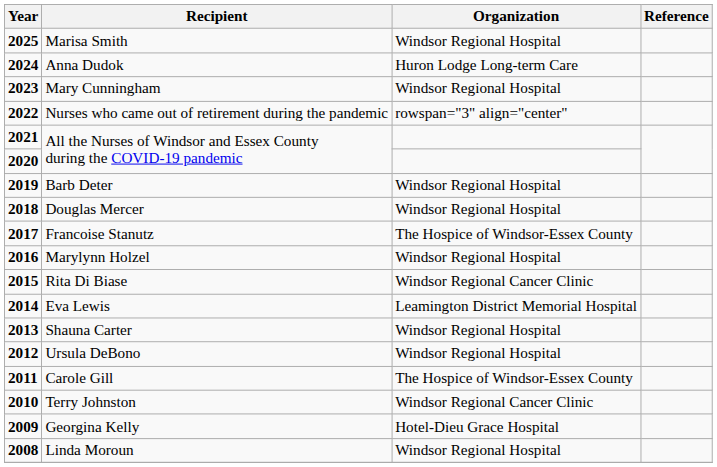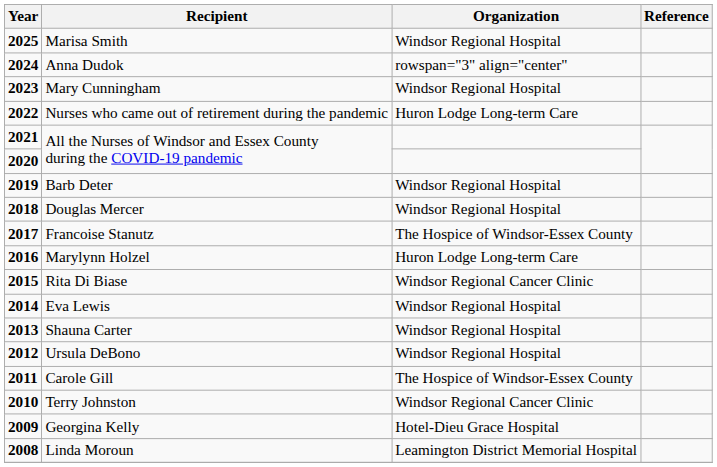 <table class="wikitable">
 <tr>
 <th>Year</th>
 <th>Recipient</th>
 <th>Organization</th>
 <th>Reference</th>
 </tr>
 <tr>
 <td><strong>2025</strong></td>
 <td>Marisa Smith</td>
 <td>Windsor Regional Hospital</td>
 <td align="center"></td>
 </tr>
 <tr>
 <td><strong>2024</strong></td>
 <td>Anna Dudok</td>
-<td>Huron Lodge Long-term Care</td>
+<td>rowspan="3" align="center" </td>
 <td align="center"></td>
 </tr>
 <tr>
 <td><strong>2023</strong></td>
 <td>Mary Cunningham</td>
 <td>Windsor Regional Hospital</td>
 <td align="center"></td>
 </tr>
 <tr>
 <td><strong>2022</strong></td>
 <td>Nurses who came out of retirement during the pandemic</td>
-<td>rowspan="3" align="center" </td>
+<td>Huron Lodge Long-term Care</td>
 <td align="center"></td>
 </tr>
 <tr>
 <td><strong>2021</strong></td>
 <td rowspan="2">All the Nurses of Windsor and Essex County<br>during the <a href='#'>COVID-19 pandemic</a></td>
 <td align="center"></td>
 </tr>
 <tr>
 <td><strong>2020</strong></td>
 <td align="center"></td>
 </tr>
 <tr>
 <td><strong>2019</strong></td>
 <td>Barb Deter</td>
 <td>Windsor Regional Hospital</td>
 <td align="center"></td>
 </tr>
 <tr>
 <td><strong>2018</strong></td>
 <td>Douglas Mercer</td>
 <td>Windsor Regional Hospital</td>
 <td align="center"></td>
 </tr>
 <tr>
 <td><strong>2017</strong></td>
 <td>Francoise Stanutz</td>
 <td>The Hospice of Windsor-Essex County</td>
 <td align="center"></td>
 </tr>
 <tr>
 <td><strong>2016</strong></td>
 <td>Marylynn Holzel</td>
-<td>Windsor Regional Hospital</td>
+<td>Huron Lodge Long-term Care</td>
 <td align="center"></td>
 </tr>
 <tr>
 <td><strong>2015</strong></td>
 <td>Rita Di Biase</td>
 <td>Windsor Regional Cancer Clinic</td>
 <td align="center"></td>
 </tr>
 <tr>
 <td><strong>2014</strong></td>
 <td>Eva Lewis</td>
-<td>Leamington District Memorial Hospital</td>
+<td>Windsor Regional Hospital</td>
 <td align="center"></td>
 </tr>
 <tr>
 <td><strong>2013</strong></td>
 <td>Shauna Carter</td>
 <td>Windsor Regional Hospital</td>
 <td align="center"></td>
 </tr>
 <tr>
 <td><strong>2012</strong></td>
 <td>Ursula DeBono</td>
 <td>Windsor Regional Hospital</td>
 <td align="center"></td>
 </tr>
 <tr>
 <td><strong>2011</strong></td>
 <td>Carole Gill</td>
 <td>The Hospice of Windsor-Essex County</td>
 <td align="center"></td>
 </tr>
 <tr>
 <td><strong>2010</strong></td>
 <td>Terry Johnston</td>
 <td>Windsor Regional Cancer Clinic</td>
 <td align="center"></td>
 </tr>
 <tr>
 <td><strong>2009</strong></td>
 <td>Georgina Kelly</td>
 <td>Hotel-Dieu Grace Hospital</td>
 <td align="center"></td>
 </tr>
 <tr>
 <td><strong>2008</strong></td>
 <td>Linda Moroun</td>
-<td>Windsor Regional Hospital</td>
+<td>Leamington District Memorial Hospital</td>
 <td align="center"></td>
 </tr>
 <tr>
 </tr>
 </table>
